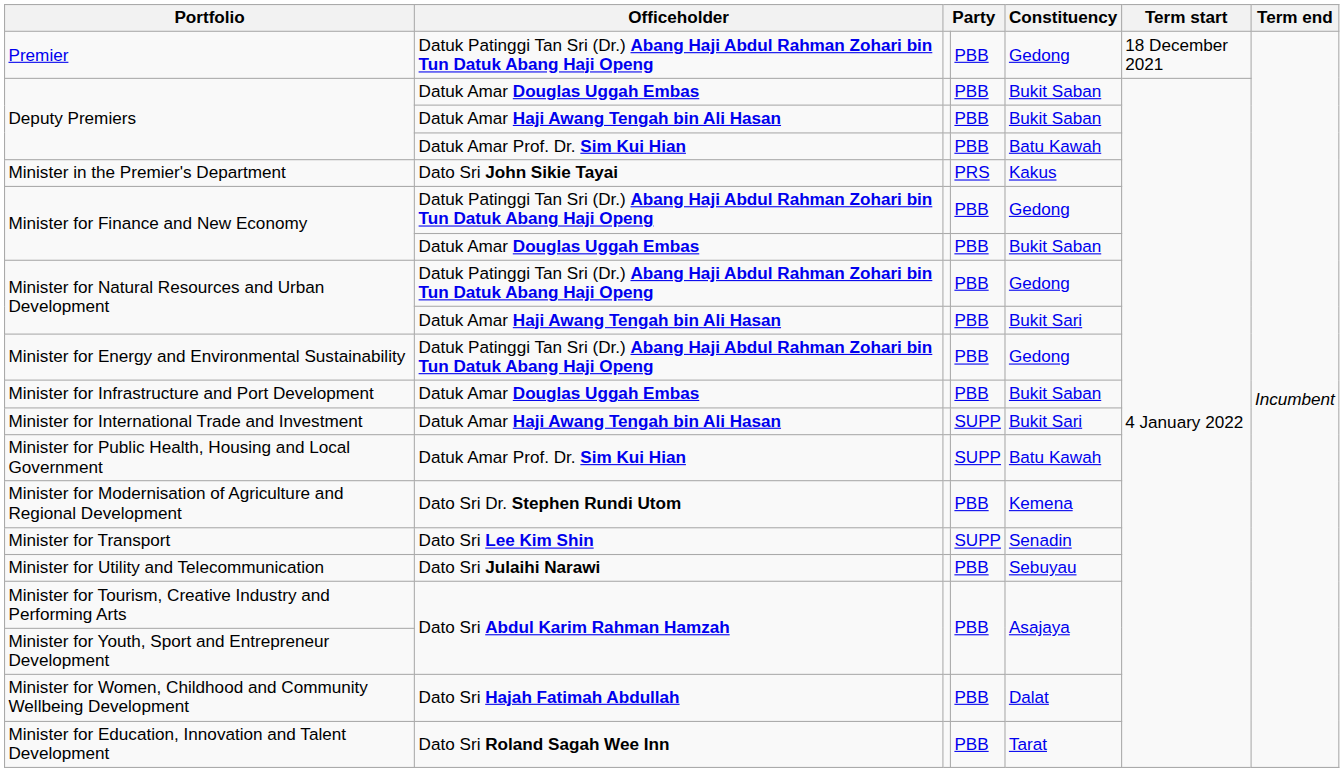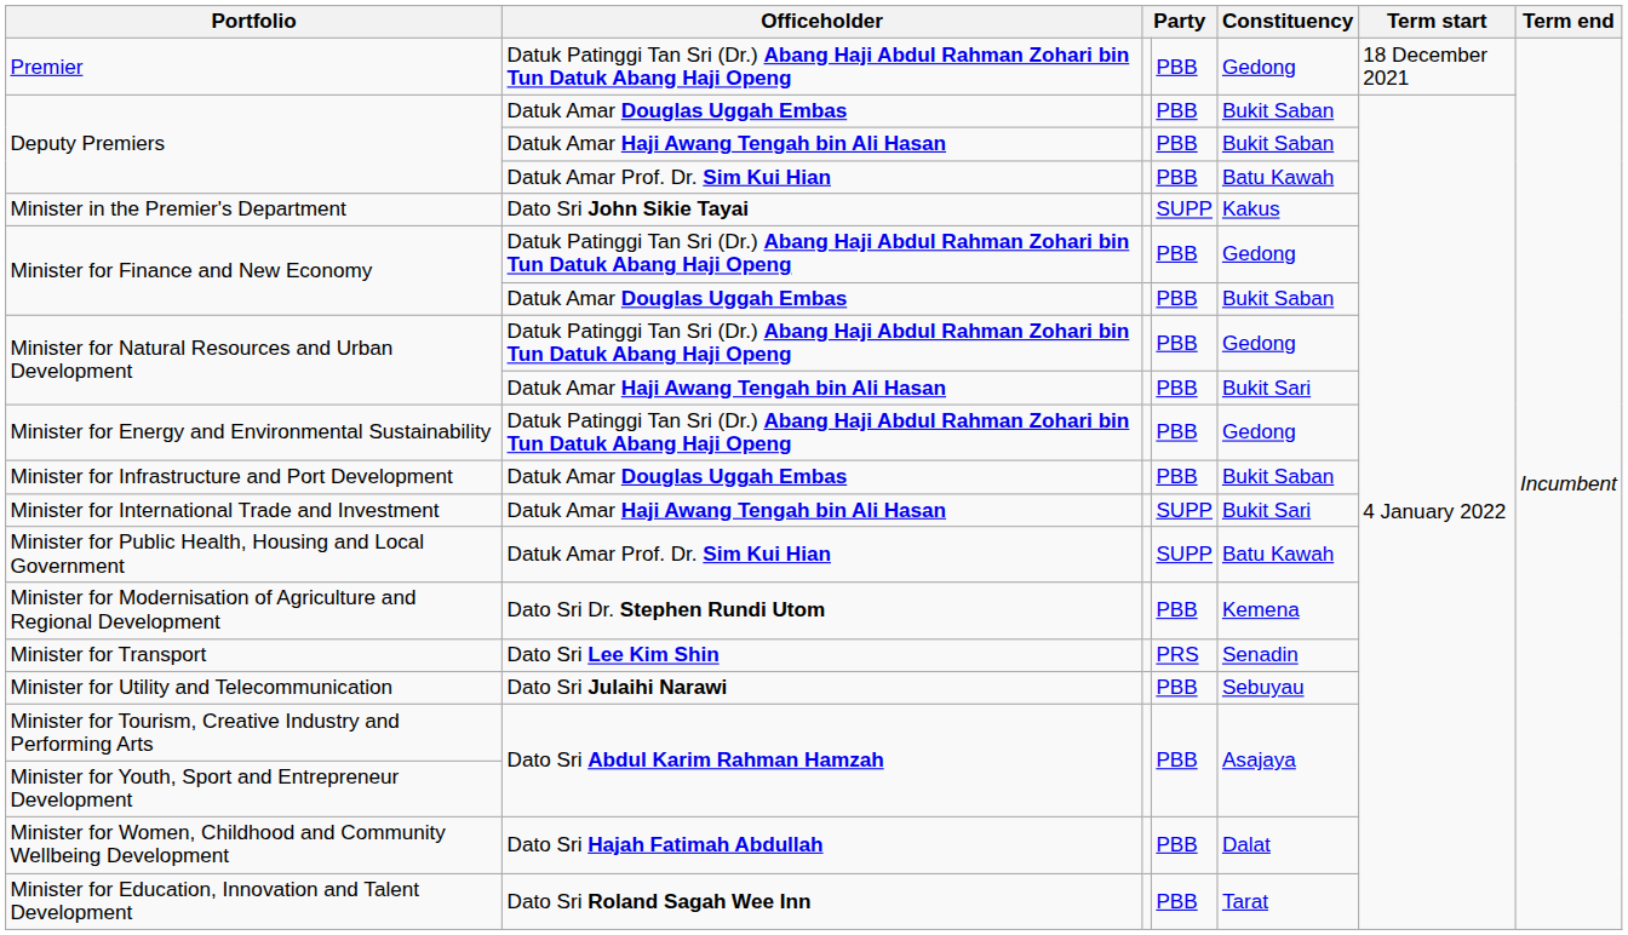 <table class="wikitable sortable">
 <tr>
 <th>Portfolio</th>
 <th>Officeholder</th>
 <th colspan="2">Party</th>
 <th>Constituency</th>
 <th>Term start</th>
 <th>Term end</th>
 </tr>
 <tr>
 <td><a href='#'>Premier</a></td>
 <td>Datuk Patinggi Tan Sri (Dr.) <strong><a href='#'>Abang Haji Abdul Rahman Zohari bin Tun Datuk Abang Haji Openg</a></strong></td>
 <td style="background:"></td>
 <td><a href='#'>PBB</a></td>
 <td><a href='#'>Gedong</a></td>
 <td>18 December 2021</td>
 <td rowspan="20"><em>Incumbent</em></td>
 </tr>
 <tr>
 <td rowspan="3">Deputy Premiers</td>
 <td>Datuk Amar <strong><a href='#'>Douglas Uggah Embas</a></strong></td>
 <td style="background:"></td>
 <td><a href='#'>PBB</a></td>
 <td><a href='#'>Bukit Saban</a></td>
 <td rowspan="20">4 January 2022</td>
 </tr>
 <tr>
 <td>Datuk Amar <strong><a href='#'>Haji Awang Tengah bin Ali Hasan</a></strong></td>
 <td style="background:"></td>
 <td><a href='#'>PBB</a></td>
 <td><a href='#'>Bukit Saban</a></td>
 </tr>
 <tr>
 <td>Datuk Amar Prof. Dr. <strong><a href='#'>Sim Kui Hian</a></strong></td>
 <td></td>
 <td><a href='#'>PBB</a></td>
 <td><a href='#'>Batu Kawah</a></td>
 </tr>
 <tr>
 <td>Minister in the Premier's Department</td>
 <td>Dato Sri <strong>John Sikie Tayai</strong></td>
 <td></td>
-<td><a href='#'>PRS</a></td>
+<td><a href='#'>SUPP</a></td>
 <td><a href='#'>Kakus</a></td>
 </tr>
 <tr>
 <td rowspan="2">Minister for Finance and New Economy</td>
 <td>Datuk Patinggi Tan Sri (Dr.) <strong><a href='#'>Abang Haji Abdul Rahman Zohari bin Tun Datuk Abang Haji Openg</a></strong></td>
 <td style="background:"></td>
 <td><a href='#'>PBB</a></td>
 <td><a href='#'>Gedong</a></td>
 </tr>
 <tr>
 <td>Datuk Amar <strong><a href='#'>Douglas Uggah Embas</a></strong> <br> </td>
 <td style="background:"></td>
 <td><a href='#'>PBB</a></td>
 <td><a href='#'>Bukit Saban</a></td>
 </tr>
 <tr>
 <td rowspan="2">Minister for Natural Resources and Urban Development</td>
 <td>Datuk Patinggi Tan Sri (Dr.) <strong><a href='#'>Abang Haji Abdul Rahman Zohari bin Tun Datuk Abang Haji Openg</a></strong></td>
 <td style="background:"></td>
 <td><a href='#'>PBB</a></td>
 <td><a href='#'>Gedong</a></td>
 </tr>
 <tr>
 <td>Datuk Amar <strong><a href='#'>Haji Awang Tengah bin Ali Hasan</a></strong> <br> </td>
 <td style="background:"></td>
 <td><a href='#'>PBB</a></td>
 <td><a href='#'>Bukit Sari</a></td>
 </tr>
 <tr>
 <td>Minister for Energy and Environmental Sustainability</td>
 <td>Datuk Patinggi Tan Sri (Dr.) <strong><a href='#'>Abang Haji Abdul Rahman Zohari bin Tun Datuk Abang Haji Openg</a></strong></td>
 <td style="background:"></td>
 <td><a href='#'>PBB</a></td>
 <td><a href='#'>Gedong</a></td>
 </tr>
 <tr>
 <td>Minister for Infrastructure and Port Development</td>
 <td>Datuk Amar <strong><a href='#'>Douglas Uggah Embas</a></strong></td>
 <td style="background:"></td>
 <td><a href='#'>PBB</a></td>
 <td><a href='#'>Bukit Saban</a></td>
 </tr>
 <tr>
 <td>Minister for International Trade and Investment</td>
 <td>Datuk Amar <strong><a href='#'>Haji Awang Tengah bin Ali Hasan</a></strong></td>
 <td style="background:"></td>
 <td><a href='#'>SUPP</a></td>
 <td><a href='#'>Bukit Sari</a></td>
 </tr>
 <tr>
 <td>Minister for Public Health, Housing and Local Government</td>
 <td>Datuk Amar Prof. Dr. <strong><a href='#'>Sim Kui Hian</a></strong></td>
 <td></td>
 <td><a href='#'>SUPP</a></td>
 <td><a href='#'>Batu Kawah</a></td>
 </tr>
 <tr>
 <td>Minister for Modernisation of Agriculture and Regional Development</td>
 <td>Dato Sri Dr. <strong>Stephen Rundi Utom</strong></td>
 <td style="background:"></td>
 <td><a href='#'>PBB</a></td>
 <td><a href='#'>Kemena</a></td>
 </tr>
 <tr>
 <td>Minister for Transport</td>
 <td>Dato Sri <strong><a href='#'>Lee Kim Shin</a></strong></td>
 <td></td>
-<td><a href='#'>SUPP</a></td>
+<td><a href='#'>PRS</a></td>
 <td><a href='#'>Senadin</a></td>
 </tr>
 <tr>
 <td>Minister for Utility and Telecommunication</td>
 <td>Dato Sri <strong>Julaihi Narawi</strong></td>
 <td style="background:"></td>
 <td><a href='#'>PBB</a></td>
 <td><a href='#'>Sebuyau</a></td>
 </tr>
 <tr>
 <td>Minister for Tourism, Creative Industry and Performing Arts</td>
 <td rowspan="2">Dato Sri <strong><a href='#'>Abdul Karim Rahman Hamzah</a></strong></td>
 <td rowspan="2" style="background:"></td>
 <td rowspan="2"><a href='#'>PBB</a></td>
 <td rowspan="2"><a href='#'>Asajaya</a></td>
 </tr>
 <tr>
 <td>Minister for Youth, Sport and Entrepreneur Development</td>
 </tr>
 <tr>
 <td>Minister for Women, Childhood and Community Wellbeing Development</td>
 <td>Dato Sri <strong><a href='#'>Hajah Fatimah Abdullah</a></strong></td>
 <td style="background:"></td>
 <td><a href='#'>PBB</a></td>
 <td><a href='#'>Dalat</a></td>
 </tr>
 <tr>
 <td>Minister for Education, Innovation and Talent Development</td>
 <td>Dato Sri <strong>Roland Sagah Wee Inn</strong></td>
 <td style="background:"></td>
 <td><a href='#'>PBB</a></td>
 <td><a href='#'>Tarat</a></td>
 </tr>
 </table>
